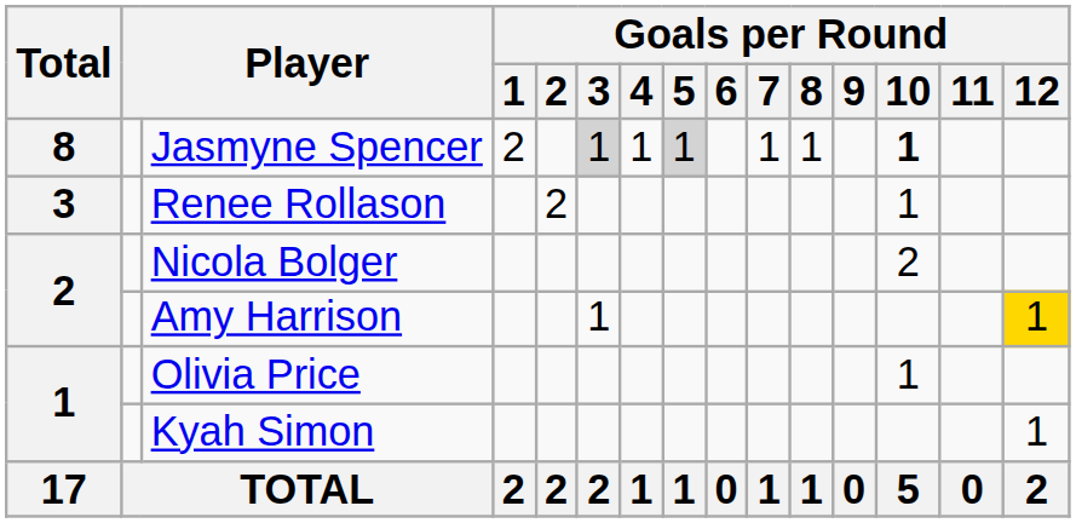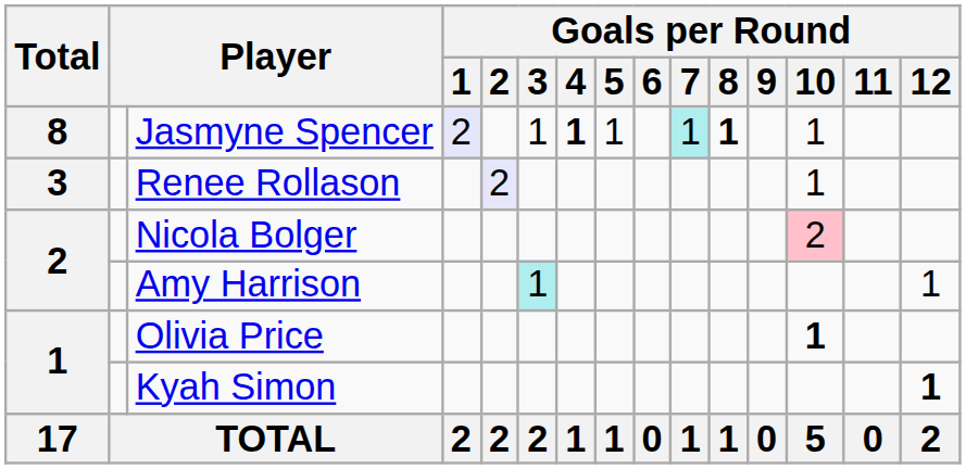 <table class="wikitable" style="text-align:center; line-height: 90%; font-size:90%;">
 <tr>
 <th rowspan="2">Total</th>
 <th rowspan="2" colspan="2">Player</th>
 <th colspan="12">Goals per Round</th>
 </tr>
 <tr>
 <th>1</th>
 <th>2</th>
 <th>3</th>
 <th>4</th>
 <th>5</th>
 <th>6</th>
 <th>7</th>
 <th>8</th>
 <th>9</th>
 <th>10</th>
 <th>11</th>
 <th>12</th>
 </tr>
 <tr>
 <th rowspan="1">8</th>
 <td></td>
 <td style="text-align:left;"><a href='#'>Jasmyne Spencer</a></td>
-<td>2</td>
-<td></td>
-<td style="background: lightgrey;">1</td>
-<td>1</td>
-<td style="background: lightgrey;">1</td>
+<td style="background: lavender;">2</td>
 <td></td>
 <td>1</td>
+<td><strong>1</strong></td>
 <td>1</td>
 <td></td>
+<td style="background: paleturquoise;">1</td>
 <td><strong>1</strong></td>
+<td></td>
+<td>1</td>
 <td></td>
 <td></td>
 </tr>
 <tr>
 <th rowspan="1">3</th>
 <td></td>
 <td style="text-align:left;"><a href='#'>Renee Rollason</a></td>
 <td></td>
-<td>2</td>
+<td style="background: lavender;">2</td>
 <td></td>
 <td></td>
 <td></td>
 <td></td>
 <td></td>
 <td></td>
 <td></td>
 <td>1</td>
 <td></td>
 <td></td>
 </tr>
 <tr>
 <th rowspan="2">2</th>
 <td></td>
 <td style="text-align:left;"><a href='#'>Nicola Bolger</a></td>
 <td></td>
 <td></td>
 <td></td>
 <td></td>
 <td></td>
 <td></td>
 <td></td>
 <td></td>
 <td></td>
-<td>2</td>
+<td style="background: pink;">2</td>
 <td></td>
 <td></td>
 </tr>
 <tr>
 <td></td>
 <td style="text-align:left;"><a href='#'>Amy Harrison</a></td>
 <td></td>
 <td></td>
-<td>1</td>
+<td style="background: paleturquoise;">1</td>
 <td></td>
 <td></td>
 <td></td>
 <td></td>
 <td></td>
 <td></td>
 <td></td>
 <td></td>
-<td style="background: gold;">1</td>
+<td>1</td>
 </tr>
 <tr>
 <th rowspan="2">1</th>
 <td></td>
 <td style="text-align:left;"><a href='#'>Olivia Price</a></td>
 <td></td>
 <td></td>
 <td></td>
 <td></td>
 <td></td>
 <td></td>
 <td></td>
 <td></td>
 <td></td>
-<td>1</td>
+<td><strong>1</strong></td>
 <td></td>
 <td></td>
 </tr>
 <tr>
 <td></td>
 <td style="text-align:left;"><a href='#'>Kyah Simon</a></td>
 <td></td>
 <td></td>
 <td></td>
 <td></td>
 <td></td>
 <td></td>
 <td></td>
 <td></td>
 <td></td>
 <td></td>
 <td></td>
-<td>1</td>
+<td><strong>1</strong></td>
 </tr>
 <tr>
 <th rowspan="1">17</th>
 <th colspan="2">TOTAL</th>
 <th style="text-align:center;">2</th>
 <th>2</th>
 <th>2</th>
 <th>1</th>
 <th>1</th>
 <th>0</th>
 <th>1</th>
 <th>1</th>
 <th>0</th>
 <th>5</th>
 <th>0</th>
 <th>2</th>
 </tr>
 </table>
